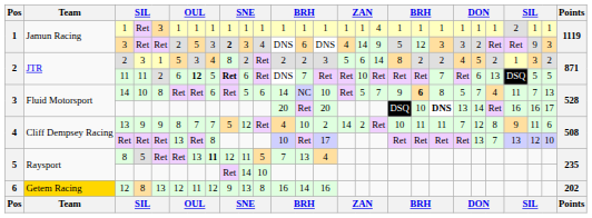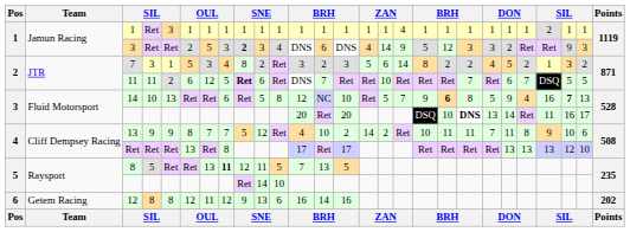 <table class="wikitable" style="font-size: 85%; text-align: center;">
 <tr valign="top">
 <th valign="middle">Pos</th>
 <th valign="middle">Team</th>
 <th colspan="3"><a href='#'>SIL</a><br></th>
 <th colspan="3"><a href='#'>OUL</a><br></th>
 <th colspan="3"><a href='#'>SNE</a><br></th>
 <th colspan="3"><a href='#'>BRH</a><br></th>
 <th colspan="3"><a href='#'>ZAN</a><br></th>
 <th colspan="3"><a href='#'>BRH</a><br></th>
 <th colspan="3"><a href='#'>DON</a><br></th>
 <th colspan="3"><a href='#'>SIL</a><br></th>
 <th valign="middle">Points</th>
 </tr>
 <tr>
 <th rowspan=2>1</th>
 <td align=left rowspan=2> Jamun Racing</td>
 <td style="background:#FFFFBF;">1</td>
 <td style="background:#EFCFFF;">Ret</td>
 <td style="background:#FFDF9F;">3</td>
 <td style="background:#FFFFBF;">1</td>
 <td style="background:#FFFFBF;">1</td>
 <td style="background:#FFFFBF;">1</td>
 <td style="background:#FFFFBF;">1</td>
 <td style="background:#FFFFBF;">1</td>
 <td style="background:#FFFFBF;">1</td>
 <td style="background:#FFFFBF;">1</td>
 <td style="background:#FFFFBF;">1</td>
 <td style="background:#FFFFBF;">1</td>
 <td style="background:#FFFFBF;">1</td>
 <td style="background:#FFFFBF;">1</td>
 <td style="background:#FFFFBF;">4</td>
 <td style="background:#FFFFBF;">1</td>
 <td style="background:#FFFFBF;">1</td>
 <td style="background:#FFFFBF;">1</td>
 <td style="background:#FFFFBF;">1</td>
 <td style="background:#FFFFBF;">1</td>
 <td style="background:#FFFFBF;">1</td>
 <td style="background:#DFDFDF;">2</td>
 <td style="background:#FFFFBF;">1</td>
 <td style="background:#FFFFBF;">1</td>
 <th rowspan=2>1119</th>
 </tr>
 <tr>
 <td style="background:#FFDF9F;">3</td>
 <td style="background:#EFCFFF;">Ret</td>
 <td style="background:#EFCFFF;">Ret</td>
 <td style="background:#DFDFDF;">2</td>
 <td style="background:#FFDF9F;">5</td>
 <td style="background:#DFDFDF;">3</td>
 <td style="background:#DFDFDF;"><strong>2</strong></td>
 <td style="background:#FFDF9F;">3</td>
 <td style="background:#DFDFDF;">4</td>
 <td style="background:#FFFFFF;">DNS</td>
 <td style="background:#FFDF9F;">6</td>
 <td style="background:#FFFFFF;">DNS</td>
 <td style="background:#FFDF9F;">4</td>
 <td style="background:#DFFFDF;">14</td>
 <td style="background:#DFFFDF;">9</td>
 <td style="background:#DFDFDF;">5</td>
 <td style="background:#DFFFDF;">12</td>
 <td style="background:#FFDF9F;">3</td>
 <td style="background:#DFDFDF;">3</td>
 <td style="background:#DFDFDF;">2</td>
 <td style="background:#EFCFFF;">Ret</td>
 <td style="background:#EFCFFF;">Ret</td>
 <td style="background:#DFDFDF;">9</td>
 <td style="background:#FFDF9F;">3</td>
 </tr>
 <tr>
 <th rowspan=2>2</th>
 <td align=left rowspan=2> <a href='#'>JTR</a></td>
-<td style="background:#DFDFDF;">2</td>
+<td style="background:#DFDFDF;">7</td>
 <td style="background:#FFFFBF;">3</td>
 <td style="background:#FFFFBF;">1</td>
 <td style="background:#FFDF9F;">5</td>
 <td style="background:#DFDFDF;">3</td>
 <td style="background:#FFDF9F;">4</td>
 <td style="background:#DFFFDF;">8</td>
 <td style="background:#DFDFDF;">2</td>
 <td style="background:#EFCFFF;">Ret</td>
-<td style="background:#DFDFDF;">2</td>
+<td style="background:#DFDFDF;">3</td>
 <td style="background:#DFDFDF;">2</td>
 <td style="background:#DFDFDF;">3</td>
 <td style="background:#DFFFDF;">5</td>
 <td style="background:#DFFFDF;">6</td>
 <td style="background:#DFFFDF;">14</td>
 <td style="background:#FFDF9F;">8</td>
 <td style="background:#DFDFDF;">2</td>
 <td style="background:#DFDFDF;">2</td>
 <td style="background:#FFDF9F;">4</td>
 <td style="background:#FFDF9F;">5</td>
 <td style="background:#DFDFDF;">2</td>
 <td style="background:#FFFFBF;">1</td>
 <td style="background:#FFDF9F;">3</td>
 <td style="background:#DFDFDF;">2</td>
 <th rowspan=2>871</th>
 </tr>
 <tr>
 <td style="background:#DFFFDF;">11</td>
 <td style="background:#DFFFDF;">11</td>
 <td style="background:#DFDFDF;">2</td>
 <td style="background:#DFFFDF;">6</td>
-<td style="background:#DFFFDF;"><strong>12</strong></td>
+<td style="background:#DFFFDF;">12</td>
 <td style="background:#DFFFDF;">5</td>
 <td style="background:#EFCFFF;"><strong>Ret</strong></td>
 <td style="background:#DFFFDF;">6</td>
 <td style="background:#EFCFFF;">Ret</td>
 <td style="background:#FFFFFF;">DNS</td>
 <td style="background:#DFFFDF;">7</td>
 <td style="background:#EFCFFF;">Ret</td>
 <td style="background:#EFCFFF;">Ret</td>
 <td style="background:#DFFFDF;">10</td>
 <td style="background:#EFCFFF;">Ret</td>
 <td style="background:#EFCFFF;">Ret</td>
 <td style="background:#EFCFFF;">Ret</td>
 <td style="background:#DFFFDF;">7</td>
 <td style="background:#EFCFFF;">Ret</td>
 <td style="background:#DFFFDF;">6</td>
-<td style="background:#DFFFDF;">13</td>
+<td style="background:#DFFFDF;">7</td>
 <td style="background:#000000; color:white">DSQ</td>
 <td style="background:#DFFFDF;">5</td>
 <td style="background:#DFFFDF;">5</td>
 </tr>
 <tr>
 <th rowspan=2>3</th>
 <td align=left rowspan=2> Fluid Motorsport</td>
 <td style="background:#DFFFDF;">14</td>
 <td style="background:#DFFFDF;">10</td>
-<td style="background:#DFFFDF;">8</td>
+<td style="background:#DFFFDF;">13</td>
 <td style="background:#EFCFFF;">Ret</td>
 <td style="background:#EFCFFF;">Ret</td>
 <td style="background:#DFFFDF;">6</td>
 <td style="background:#EFCFFF;">Ret</td>
 <td style="background:#DFFFDF;">5</td>
-<td style="background:#DFFFDF;">6</td>
-<td style="background:#DFFFDF;">14</td>
+<td style="background:#DFFFDF;">8</td>
+<td style="background:#DFFFDF;">12</td>
 <td style="background:#CFCFFF;">NC</td>
 <td style="background:#DFFFDF;">10</td>
 <td style="background:#EFCFFF;">Ret</td>
 <td style="background:#DFFFDF;">5</td>
 <td style="background:#DFFFDF;">7</td>
 <td style="background:#DFFFDF;">9</td>
 <td style="background:#FFDF9F;"><strong>6</strong></td>
 <td style="background:#DFFFDF;">8</td>
 <td style="background:#DFFFDF;">5</td>
-<td style="background:#DFFFDF;">7</td>
+<td style="background:#DFFFDF;">9</td>
 <td style="background:#FFDF9F;">4</td>
-<td style="background:#DFFFDF;">11</td>
-<td style="background:#DFFFDF;">7</td>
+<td style="background:#DFFFDF;">16</td>
+<td style="background:#DFFFDF;"><strong>7</strong></td>
 <td style="background:#DFFFDF;">13</td>
 <th rowspan=2>528</th>
 </tr>
 <tr>
 <td></td>
 <td></td>
 <td></td>
 <td></td>
 <td></td>
 <td></td>
 <td></td>
 <td></td>
 <td></td>
 <td style="background:#DFFFDF;">20</td>
 <td style="background:#EFCFFF;">Ret</td>
 <td style="background:#DFFFDF;">20</td>
 <td></td>
 <td></td>
 <td></td>
 <td style="background:#000000; color:white">DSQ</td>
 <td style="background:#DFFFDF;">10</td>
 <td style="background:#FFFFFF;"><strong>DNS</strong></td>
 <td style="background:#DFFFDF;">13</td>
 <td style="background:#DFFFDF;">14</td>
 <td style="background:#EFCFFF;">Ret</td>
-<td style="background:#DFFFDF;">16</td>
+<td style="background:#DFFFDF;">11</td>
 <td style="background:#DFFFDF;">16</td>
 <td style="background:#DFFFDF;">17</td>
 </tr>
 <tr>
 <th rowspan=2>4</th>
 <td align=left rowspan=2> Cliff Dempsey Racing</td>
 <td style="background:#DFFFDF;">13</td>
 <td style="background:#DFFFDF;">9</td>
 <td style="background:#DFFFDF;">9</td>
 <td style="background:#DFFFDF;">8</td>
 <td style="background:#DFFFDF;">7</td>
 <td style="background:#DFFFDF;">7</td>
 <td style="background:#FFDF9F;">5</td>
 <td style="background:#DFFFDF;">12</td>
 <td style="background:#EFCFFF;">Ret</td>
 <td style="background:#FFDF9F;">4</td>
 <td style="background:#DFFFDF;">10</td>
 <td style="background:#DFFFDF;">2</td>
 <td style="background:#DFFFDF;">14</td>
 <td style="background:#DFFFDF;">2</td>
 <td style="background:#EFCFFF;">Ret</td>
 <td style="background:#DFFFDF;">10</td>
 <td style="background:#DFFFDF;">11</td>
 <td style="background:#DFFFDF;">11</td>
 <td style="background:#DFFFDF;">7</td>
-<td style="background:#DFFFDF;">12</td>
+<td style="background:#DFFFDF;">11</td>
 <td style="background:#DFFFDF;">8</td>
 <td style="background:#FFDF9F;">9</td>
-<td style="background:#DFFFDF;">11</td>
+<td style="background:#DFFFDF;">10</td>
 <td style="background:#DFFFDF;">6</td>
 <th rowspan=2>508</th>
 </tr>
 <tr>
 <td style="background:#EFCFFF;">Ret</td>
 <td style="background:#EFCFFF;">Ret</td>
 <td style="background:#EFCFFF;">Ret</td>
 <td style="background:#DFFFDF;">13</td>
 <td style="background:#EFCFFF;">Ret</td>
 <td style="background:#DFFFDF;">8</td>
 <td></td>
 <td></td>
 <td></td>
-<td style="background:#CFCFFF;">10</td>
+<td style="background:#CFCFFF;">17</td>
 <td style="background:#EFCFFF;">Ret</td>
 <td style="background:#CFCFFF;">17</td>
 <td></td>
 <td></td>
 <td></td>
 <td style="background:#EFCFFF;">Ret</td>
 <td style="background:#EFCFFF;">Ret</td>
 <td style="background:#EFCFFF;">Ret</td>
 <td style="background:#EFCFFF;">Ret</td>
 <td style="background:#DFFFDF;">13</td>
-<td style="background:#DFFFDF;">7</td>
+<td style="background:#DFFFDF;">13</td>
 <td style="background:#CFCFFF;">13</td>
 <td style="background:#CFCFFF;">12</td>
 <td style="background:#CFCFFF;">10</td>
 </tr>
 <tr>
 <th rowspan=2>5</th>
 <td align=left rowspan=2> Raysport</td>
 <td style="background:#DFFFDF;">8</td>
 <td style="background:#DFDFDF;">5</td>
 <td style="background:#EFCFFF;">Ret</td>
 <td style="background:#EFCFFF;">Ret</td>
 <td style="background:#DFFFDF;">13</td>
 <td style="background:#DFFFDF;"><strong>11</strong></td>
 <td style="background:#DFFFDF;">12</td>
 <td style="background:#DFFFDF;">11</td>
 <td style="background:#FFDF9F;">5</td>
 <td style="background:#DFFFDF;">7</td>
 <td style="background:#DFFFDF;">13</td>
-<td style="background:#FFDF9F;">4</td>
+<td style="background:#FFDF9F;">5</td>
 <td></td>
 <td></td>
 <td></td>
 <td></td>
 <td></td>
 <td></td>
 <td></td>
 <td></td>
 <td></td>
 <td></td>
 <td></td>
 <td></td>
 <th rowspan=2>235</th>
 </tr>
 <tr>
 <td></td>
 <td></td>
 <td></td>
 <td></td>
 <td></td>
 <td></td>
 <td style="background:#EFCFFF;">Ret</td>
 <td style="background:#DFFFDF;">14</td>
 <td style="background:#DFFFDF;">10</td>
 <td></td>
 <td></td>
 <td></td>
 <td></td>
 <td></td>
 <td></td>
 <td></td>
 <td></td>
 <td></td>
 <td></td>
 <td></td>
 <td></td>
 <td></td>
 <td></td>
 <td></td>
 </tr>
 <tr>
 <th>6</th>
-<td align=left style="background: gold;"> Getem Racing</td>
+<td align=left> Getem Racing</td>
 <td style="background:#DFFFDF;">12</td>
 <td style="background:#FFDF9F;">8</td>
-<td style="background:#DFFFDF;">13</td>
+<td style="background:#DFFFDF;">8</td>
 <td style="background:#DFFFDF;">12</td>
 <td style="background:#DFFFDF;">11</td>
 <td style="background:#DFFFDF;">12</td>
 <td style="background:#DFFFDF;">9</td>
 <td style="background:#DFFFDF;">13</td>
-<td style="background:#DFFFDF;">8</td>
+<td style="background:#DFFFDF;">6</td>
 <td style="background:#DFFFDF;">16</td>
 <td style="background:#DFFFDF;">14</td>
 <td style="background:#DFFFDF;">16</td>
 <td></td>
 <td></td>
 <td></td>
 <td></td>
 <td></td>
 <td></td>
 <td></td>
 <td></td>
 <td></td>
 <td></td>
 <td></td>
 <td></td>
 <th>202</th>
 </tr>
 <tr valign="top">
 <th valign="middle">Pos</th>
 <th valign="middle">Team</th>
 <th colspan="3"><a href='#'>SIL</a><br></th>
 <th colspan="3"><a href='#'>OUL</a><br></th>
 <th colspan="3"><a href='#'>SNE</a><br></th>
 <th colspan="3"><a href='#'>BRH</a><br></th>
 <th colspan="3"><a href='#'>ZAN</a><br></th>
 <th colspan="3"><a href='#'>BRH</a><br></th>
 <th colspan="3"><a href='#'>DON</a><br></th>
 <th colspan="3"><a href='#'>SIL</a><br></th>
 <th valign="middle">Points</th>
 </tr>
 </table>
